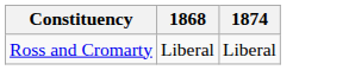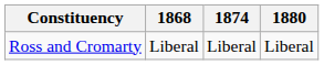 <table class="wikitable">
 <tr>
 <th>Constituency</th>
 <th>1868</th>
 <th>1874</th>
+<th>1880</th>
 </tr>
 <tr>
 <td><a href='#'>Ross and Cromarty</a></td>
 <td>Liberal</td>
 <td>Liberal</td>
+<td>Liberal</td>
 </tr>
 </table>
